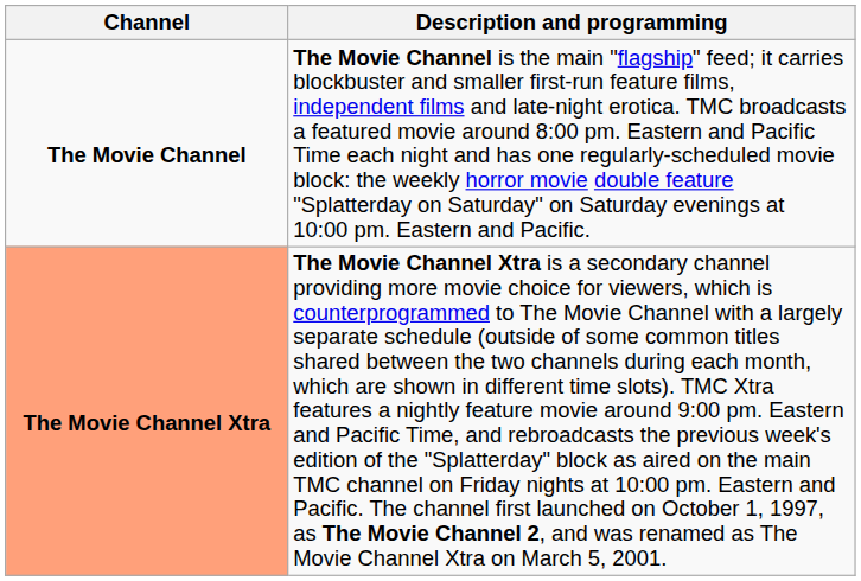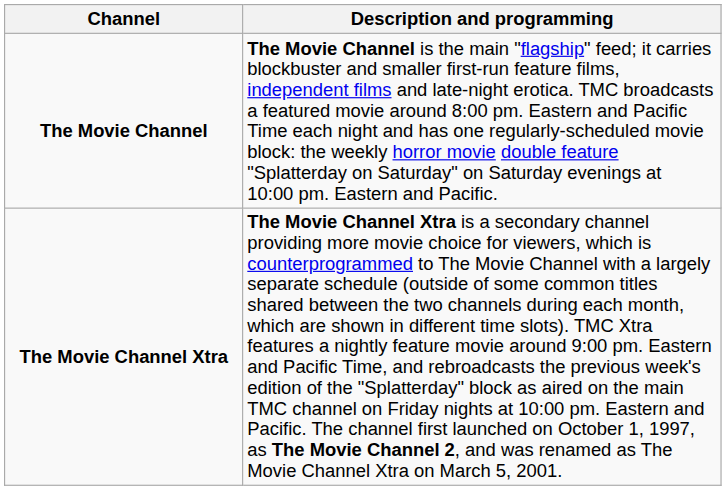 <table class="wikitable" width="100%">
 <tr>
 <th>Channel</th>
 <th>Description and programming</th>
 </tr>
 <tr>
 <td align="center" width="200pt"><br><strong>The Movie Channel</strong></td>
 <td><strong>The Movie Channel</strong> is the main "<a href='#'>flagship</a>" feed; it carries blockbuster and smaller first-run feature films, <a href='#'>independent films</a> and late-night erotica. TMC broadcasts a featured movie around 8:00 pm. Eastern and Pacific Time each night and has one regularly-scheduled movie block: the weekly <a href='#'>horror movie</a> <a href='#'>double feature</a> "Splatterday on Saturday" on Saturday evenings at 10:00 pm. Eastern and Pacific.</td>
 </tr>
 <tr>
-<td align="center" width="200pt" style="background: lightsalmon;"><br><strong>The Movie Channel Xtra</strong></td>
+<td align="center" width="200pt"><br><strong>The Movie Channel Xtra</strong></td>
 <td><strong>The Movie Channel Xtra</strong> is a secondary channel providing more movie choice for viewers, which is <a href='#'>counterprogrammed</a> to The Movie Channel with a largely separate schedule (outside of some common titles shared between the two channels during each month, which are shown in different time slots). TMC Xtra features a nightly feature movie around 9:00 pm. Eastern and Pacific Time, and rebroadcasts the previous week's edition of the "Splatterday" block as aired on the main TMC channel on Friday nights at 10:00 pm. Eastern and Pacific. The channel first launched on October 1, 1997, as <strong>The Movie Channel 2</strong>, and was renamed as The Movie Channel Xtra on March 5, 2001.</td>
 </tr>
 </table>
